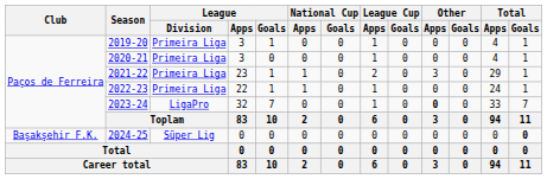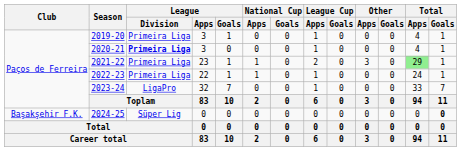 <table class="wikitable" style="text-align: center;">
 <tr>
 <th rowspan="2">Club</th>
 <th rowspan="2">Season</th>
 <th colspan="3">League</th>
 <th colspan="2">National Cup</th>
 <th colspan="2">League Cup</th>
 <th colspan="2">Other</th>
 <th colspan="2">Total</th>
 </tr>
 <tr>
 <th>Division</th>
 <th>Apps</th>
 <th>Goals</th>
 <th>Apps</th>
 <th>Goals</th>
 <th>Apps</th>
 <th>Goals</th>
 <th>Apps</th>
 <th>Goals</th>
 <th>Apps</th>
 <th>Goals</th>
 </tr>
 <tr>
 <td rowspan="6"><a href='#'>Paços de Ferreira</a></td>
 <td><a href='#'>2019-20</a></td>
 <td><a href='#'>Primeira Liga</a></td>
 <td>3</td>
 <td>1</td>
 <td>0</td>
 <td>0</td>
 <td>1</td>
 <td>0</td>
 <td>0</td>
 <td>0</td>
 <td>4</td>
 <td>1</td>
 </tr>
 <tr>
 <td><a href='#'>2020-21</a></td>
-<td><a href='#'>Primeira Liga</a></td>
+<td><strong><a href='#'>Primeira Liga</a></strong></td>
 <td>3</td>
 <td>0</td>
 <td>0</td>
 <td>0</td>
 <td>1</td>
 <td>0</td>
 <td>0</td>
 <td>0</td>
 <td>4</td>
 <td>1</td>
 </tr>
 <tr>
 <td><a href='#'>2021-22</a></td>
 <td><a href='#'>Primeira Liga</a></td>
 <td>23</td>
 <td>1</td>
 <td>1</td>
 <td>0</td>
 <td>2</td>
 <td>0</td>
 <td>3</td>
 <td>0</td>
-<td>29</td>
+<td style="background: lightgreen;">29</td>
 <td>1</td>
 </tr>
 <tr>
 <td><a href='#'>2022-23</a></td>
 <td><a href='#'>Primeira Liga</a></td>
 <td>22</td>
 <td>1</td>
 <td>1</td>
 <td>0</td>
 <td>1</td>
 <td>0</td>
 <td>0</td>
 <td>0</td>
 <td>24</td>
 <td>1</td>
 </tr>
 <tr>
 <td><a href='#'>2023-24</a></td>
 <td><a href='#'>LigaPro</a></td>
 <td>32</td>
 <td>7</td>
 <td>0</td>
 <td>0</td>
 <td>1</td>
 <td>0</td>
-<td><strong>0</strong></td>
+<td>0</td>
 <td>0</td>
 <td>33</td>
 <td>7</td>
 </tr>
 <tr>
 <th colspan="2">Toplam</th>
 <th>83</th>
 <th>10</th>
 <th>2</th>
 <th>0</th>
 <th>6</th>
 <th>0</th>
 <th>3</th>
 <th>0</th>
 <th>94</th>
 <th>11</th>
 </tr>
 <tr>
 <td><a href='#'>Başakşehir F.K.</a></td>
 <td><a href='#'>2024-25</a></td>
 <td><a href='#'>Süper Lig</a></td>
 <td>0</td>
 <td>0</td>
 <td>0</td>
 <td>0</td>
 <td>0</td>
 <td>0</td>
 <td>0</td>
 <td>0</td>
 <td>0</td>
 <td><strong>0</strong></td>
 </tr>
 <tr>
 <th colspan="3">Total</th>
 <th>0</th>
 <th>0</th>
 <th>0</th>
 <th>0</th>
 <th>0</th>
 <th>0</th>
 <th>0</th>
 <th>0</th>
 <th>0</th>
 <th>0</th>
 </tr>
 <tr>
 <th colspan="3">Career total</th>
 <th>83</th>
 <th>10</th>
 <th>2</th>
 <th>0</th>
 <th>6</th>
 <th>0</th>
 <th>3</th>
 <th>0</th>
 <th>94</th>
 <th>11</th>
 </tr>
 </table>
